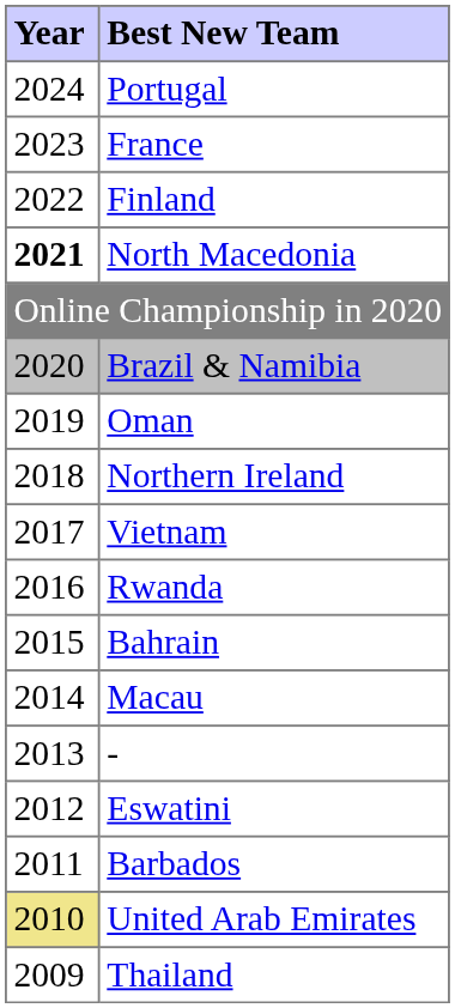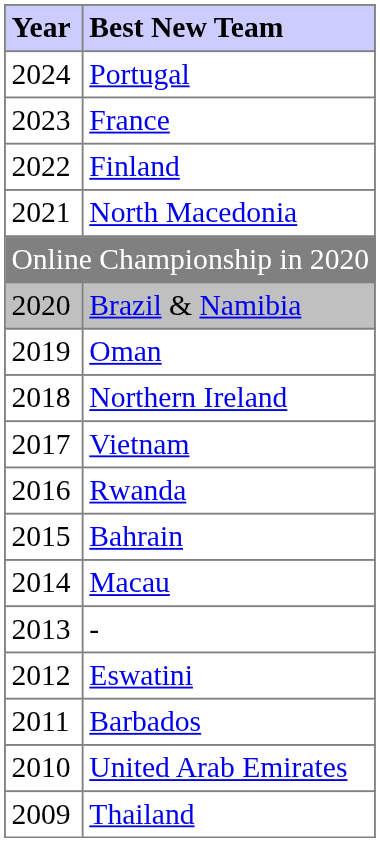 <table border=1 cellpadding=3 style="border-collapse: collapse;">
 <tr bgcolor="#ccccff">
 <td><strong>Year</strong></td>
 <td><strong>Best New Team</strong></td>
 </tr>
 <tr>
 <td>2024</td>
 <td><a href='#'>Portugal</a></td>
 </tr>
 <tr>
 <td>2023</td>
 <td><a href='#'>France</a></td>
 </tr>
 <tr>
 <td>2022</td>
 <td><a href='#'>Finland</a></td>
 </tr>
 <tr>
-<td><strong>2021</strong></td>
+<td>2021</td>
 <td><a href='#'>North Macedonia</a></td>
 </tr>
 <tr>
 <td style="background:gray; color:white;" colspan=2><span>Online Championship in 2020</span></td>
 </tr>
 <tr>
 <td style="background:silver">2020</td>
 <td style="background:silver"><a href='#'>Brazil</a> & <a href='#'>Namibia</a></td>
 </tr>
 <tr>
 <td>2019</td>
 <td><a href='#'>Oman</a></td>
 </tr>
 <tr>
 <td>2018</td>
 <td><a href='#'>Northern Ireland</a></td>
 </tr>
 <tr>
 <td>2017</td>
 <td><a href='#'>Vietnam</a></td>
 </tr>
 <tr>
 <td>2016</td>
 <td><a href='#'>Rwanda</a></td>
 </tr>
 <tr>
 <td>2015</td>
 <td><a href='#'>Bahrain</a></td>
 </tr>
 <tr>
 <td>2014</td>
 <td><a href='#'>Macau</a></td>
 </tr>
 <tr>
 <td>2013</td>
 <td>-</td>
 </tr>
 <tr>
 <td>2012</td>
 <td><a href='#'>Eswatini</a></td>
 </tr>
 <tr>
 <td>2011</td>
 <td><a href='#'>Barbados</a></td>
 </tr>
 <tr>
-<td style="background: khaki;">2010</td>
+<td>2010</td>
 <td><a href='#'>United Arab Emirates</a></td>
 </tr>
 <tr>
 <td>2009</td>
 <td><a href='#'>Thailand</a></td>
 </tr>
 </table>
